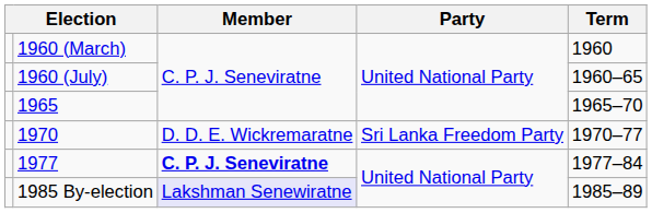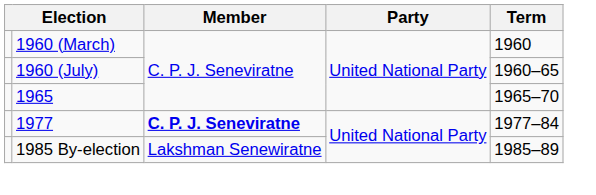 <table class="wikitable">
 <tr>
 <th colspan="2">Election</th>
 <th>Member</th>
 <th>Party</th>
 <th>Term</th>
 </tr>
 <tr>
 <td style="background-color: "></td>
 <td><a href='#'>1960 (March)</a></td>
 <td rowspan=3><a href='#'>C. P. J. Seneviratne</a></td>
 <td rowspan=3><a href='#'>United National Party</a></td>
 <td>1960</td>
 </tr>
 <tr>
 <td style="background-color: "></td>
 <td><a href='#'>1960 (July)</a></td>
 <td>1960–65</td>
 </tr>
 <tr>
 <td style="background-color: "></td>
 <td><a href='#'>1965</a></td>
 <td>1965–70</td>
 </tr>
 <tr>
 <td style="background-color: "></td>
-<td><a href='#'>1970</a></td>
-<td><a href='#'>D. D. E. Wickremaratne</a></td>
-<td><a href='#'>Sri Lanka Freedom Party</a></td>
-<td>1970–77</td>
-</tr>
-<tr>
-<td style="background-color: "></td>
 <td><a href='#'>1977</a></td>
 <td><strong><a href='#'>C. P. J. Seneviratne</a></strong></td>
 <td rowspan=2><a href='#'>United National Party</a></td>
 <td>1977–84</td>
 </tr>
 <tr>
 <td style="background-color: "></td>
 <td>1985 By-election</td>
-<td style="background: lavender;"><a href='#'>Lakshman Senewiratne</a></td>
+<td><a href='#'>Lakshman Senewiratne</a></td>
 <td>1985–89</td>
 </tr>
 </table>
